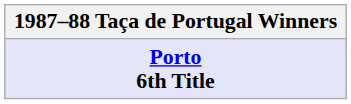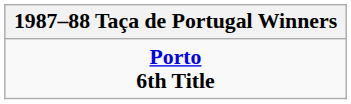 <table class="wikitable" style="text-align: center; margin: 0 auto; width: 20%">
 <tr>
 <th>1987–88 Taça de Portugal Winners</th>
 </tr>
 <tr>
-<td style="background: lavender;"><strong><a href='#'>Porto</a></strong><br><strong>6th Title</strong></td>
+<td><strong><a href='#'>Porto</a></strong><br><strong>6th Title</strong></td>
 </tr>
 </table>
